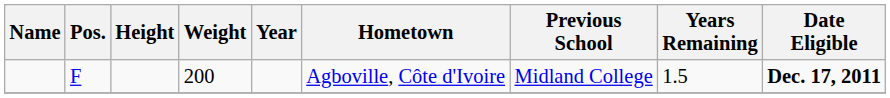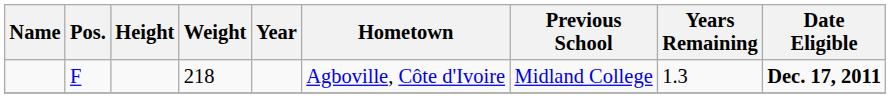 <table class="wikitable sortable" border="1">
 <tr>
 <th>Name</th>
 <th>Pos.</th>
 <th>Height</th>
 <th>Weight</th>
 <th>Year</th>
 <th>Hometown</th>
 <th class="unsortable">Previous<br>School</th>
 <th class="unsortable">Years<br>Remaining</th>
 <th class="unsortable">Date<br>Eligible</th>
 </tr>
 <tr>
 <td></td>
 <td><a href='#'>F</a></td>
 <td></td>
-<td>200</td>
+<td>218</td>
 <td></td>
 <td><a href='#'>Agboville</a>, <a href='#'>Côte d'Ivoire</a></td>
 <td><a href='#'>Midland College</a></td>
-<td>1.5</td>
+<td>1.3</td>
 <td><strong>Dec. 17, 2011</strong></td>
 </tr>
 <tr>
 </tr>
 </table>
